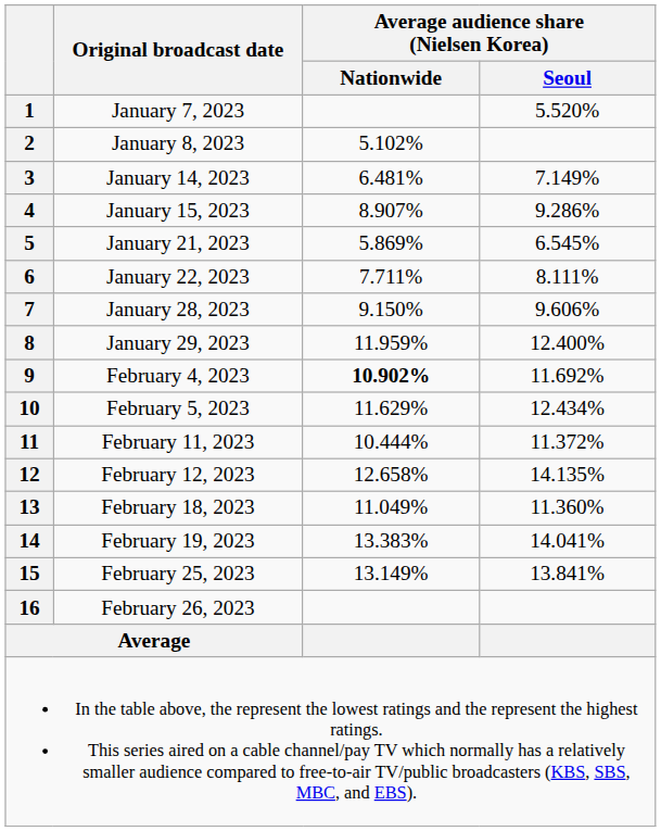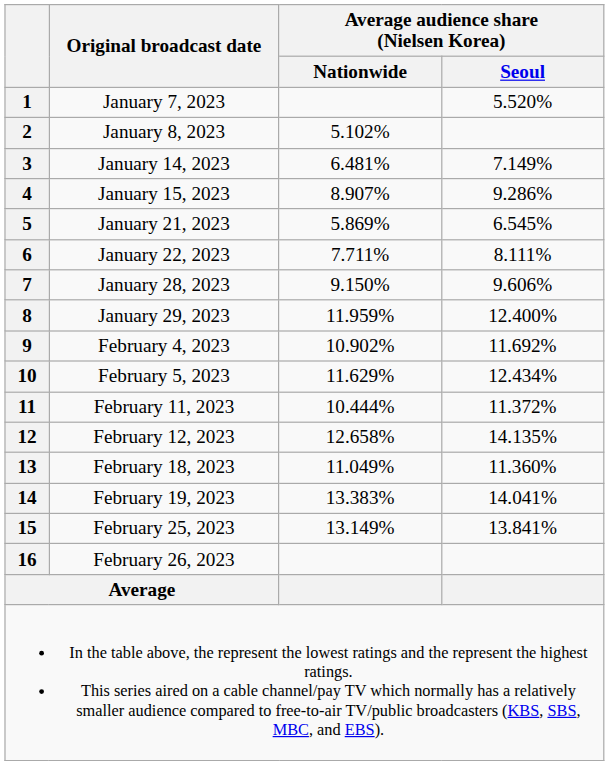 <table class="wikitable" style="text-align:center; max-width:500px; margin-left:auto; margin-right:auto">
 <tr>
 <th scope="col" rowspan="2"></th>
 <th scope="col" rowspan="2">Original broadcast date</th>
 <th scope="col" colspan="2">Average audience share<br>(Nielsen Korea)</th>
 </tr>
 <tr>
 <th scope="col" style="width:8em">Nationwide</th>
 <th scope="col" style="width:8em"><a href='#'>Seoul</a></th>
 </tr>
 <tr>
 <th scope="col">1</th>
 <td>January 7, 2023</td>
 <td><strong></strong> </td>
 <td>5.520% </td>
 </tr>
 <tr>
 <th scope="col">2</th>
 <td>January 8, 2023</td>
 <td>5.102% </td>
 <td><strong></strong> </td>
 </tr>
 <tr>
 <th scope="col">3</th>
 <td>January 14, 2023</td>
 <td>6.481% </td>
 <td>7.149% </td>
 </tr>
 <tr>
 <th scope="col">4</th>
 <td>January 15, 2023</td>
 <td>8.907% </td>
 <td>9.286% </td>
 </tr>
 <tr>
 <th scope="col">5</th>
 <td>January 21, 2023</td>
 <td>5.869% </td>
 <td>6.545% </td>
 </tr>
 <tr>
 <th scope="col">6</th>
 <td>January 22, 2023</td>
 <td>7.711% </td>
 <td>8.111% </td>
 </tr>
 <tr>
 <th scope="col">7</th>
 <td>January 28, 2023</td>
 <td>9.150% </td>
 <td>9.606% </td>
 </tr>
 <tr>
 <th scope="col">8</th>
 <td>January 29, 2023</td>
 <td>11.959% </td>
 <td>12.400% </td>
 </tr>
 <tr>
 <th scope="col">9</th>
 <td>February 4, 2023</td>
-<td><strong>10.902% </strong></td>
+<td>10.902% </td>
 <td>11.692% </td>
 </tr>
 <tr>
 <th scope="col">10</th>
 <td>February 5, 2023</td>
 <td>11.629% </td>
 <td>12.434% </td>
 </tr>
 <tr>
 <th scope="col">11</th>
 <td>February 11, 2023</td>
 <td>10.444% </td>
 <td>11.372% </td>
 </tr>
 <tr>
 <th scope="col">12</th>
 <td>February 12, 2023</td>
 <td>12.658% </td>
 <td>14.135% </td>
 </tr>
 <tr>
 <th scope="col">13</th>
 <td>February 18, 2023</td>
 <td>11.049% </td>
 <td>11.360% </td>
 </tr>
 <tr>
 <th scope="col">14</th>
 <td>February 19, 2023</td>
 <td>13.383% </td>
 <td>14.041% </td>
 </tr>
 <tr>
 <th scope="col">15</th>
 <td>February 25, 2023</td>
 <td>13.149% </td>
 <td>13.841% </td>
 </tr>
 <tr>
 <th scope="col">16</th>
 <td>February 26, 2023</td>
 <td><strong></strong> </td>
 <td><strong></strong> </td>
 </tr>
 <tr>
 <th scope="col" colspan="2">Average</th>
 <th scope="col"></th>
 <th scope="col"></th>
 </tr>
 <tr>
 <td colspan="4" style="font-size:85%"><br><ul><li>In the table above, the <strong></strong> represent the lowest ratings and the <strong></strong> represent the highest ratings.</li><li>This series aired on a cable channel/pay TV which normally has a relatively smaller audience compared to free-to-air TV/public broadcasters (<a href='#'>KBS</a>, <a href='#'>SBS</a>, <a href='#'>MBC</a>, and <a href='#'>EBS</a>).</li></ul></td>
 </tr>
 </table>
